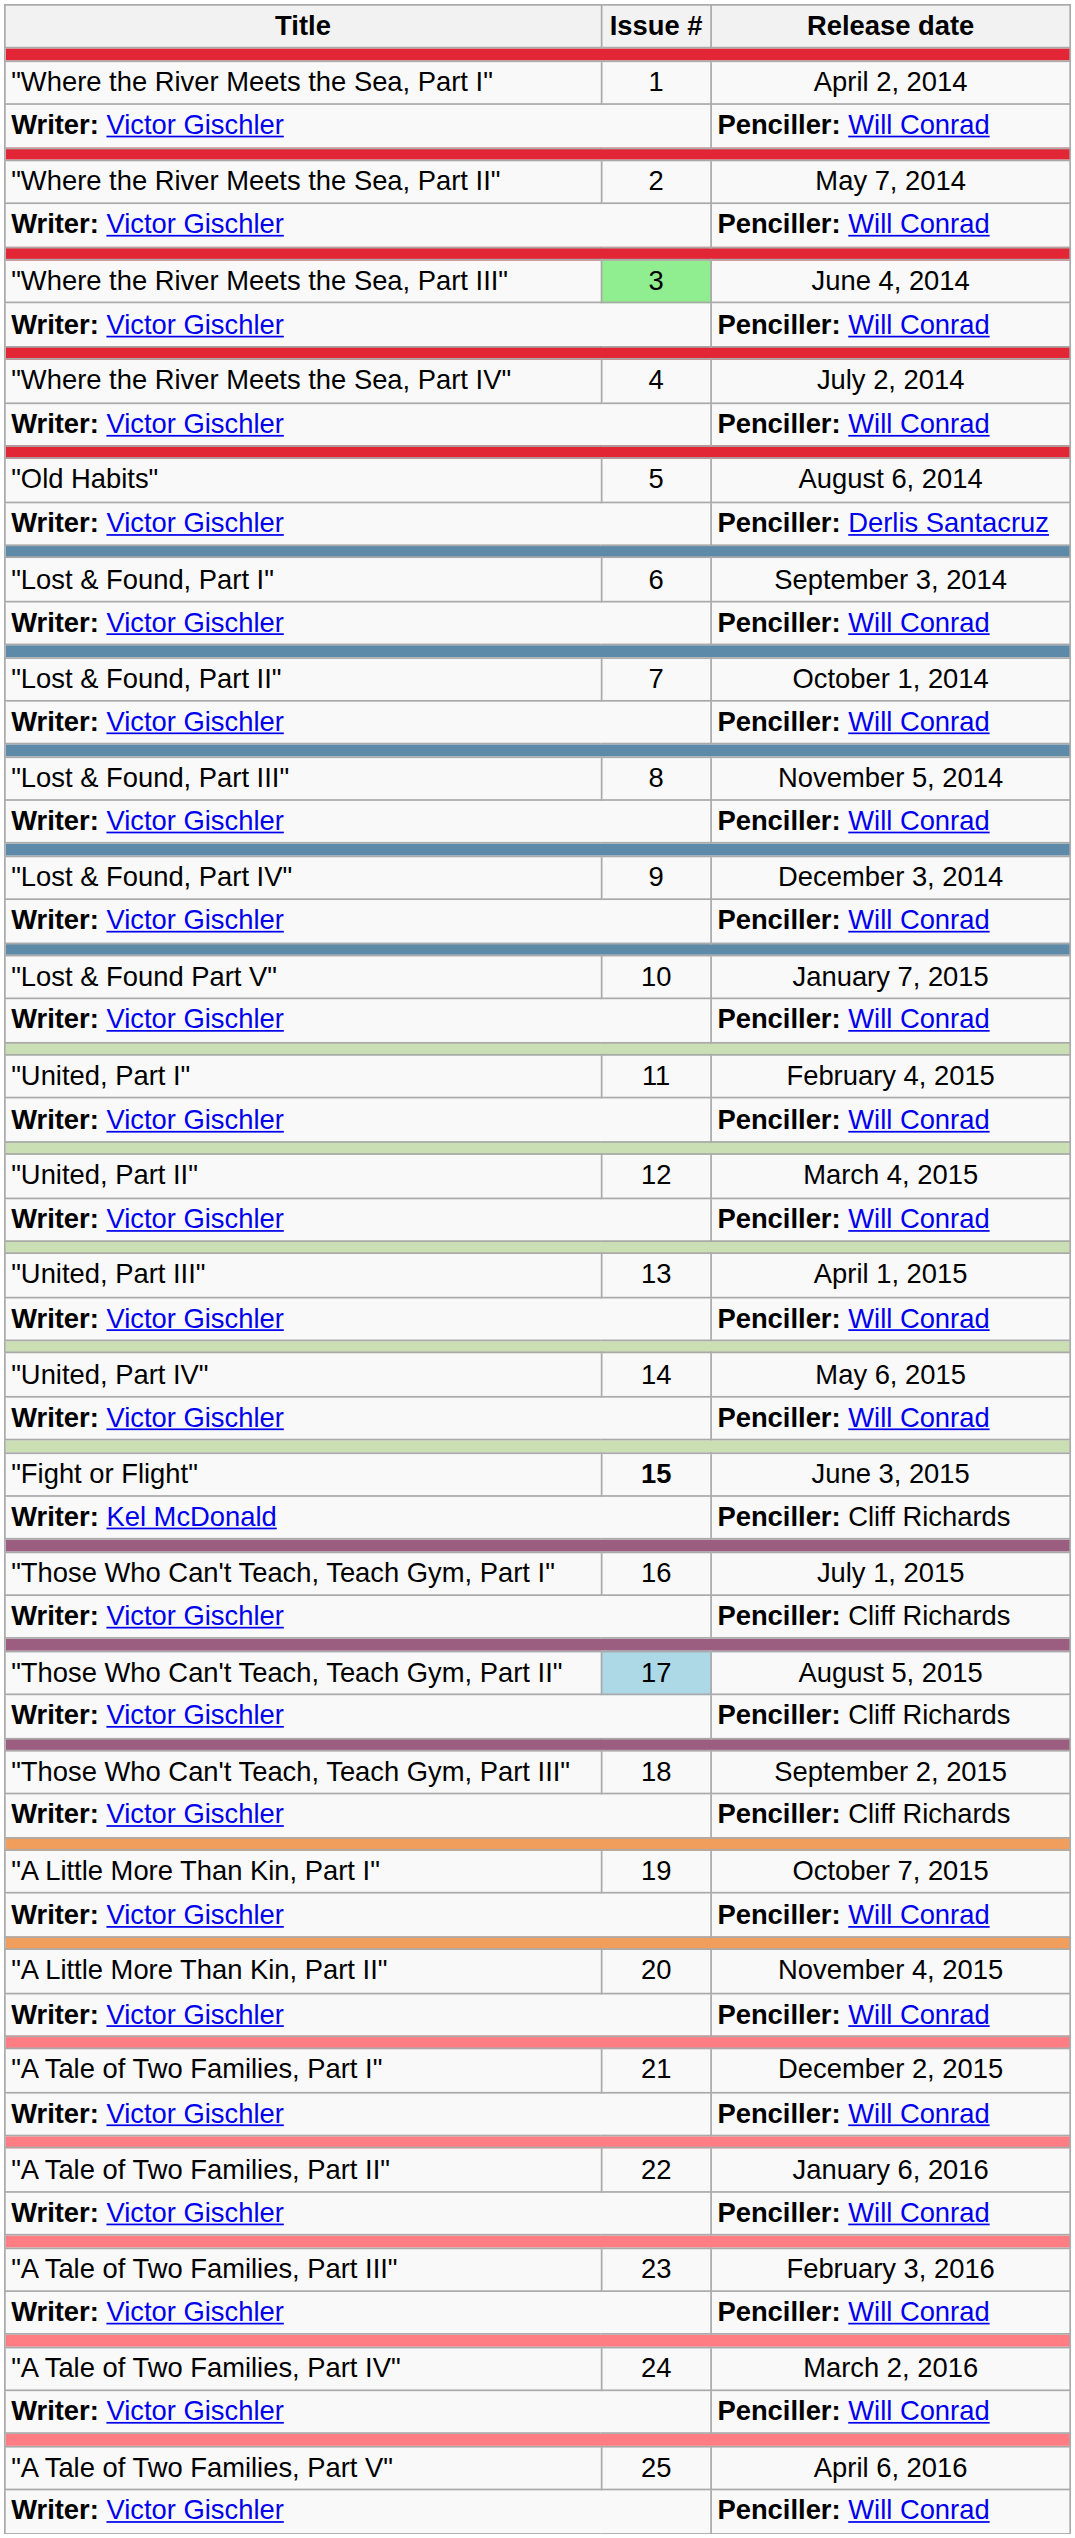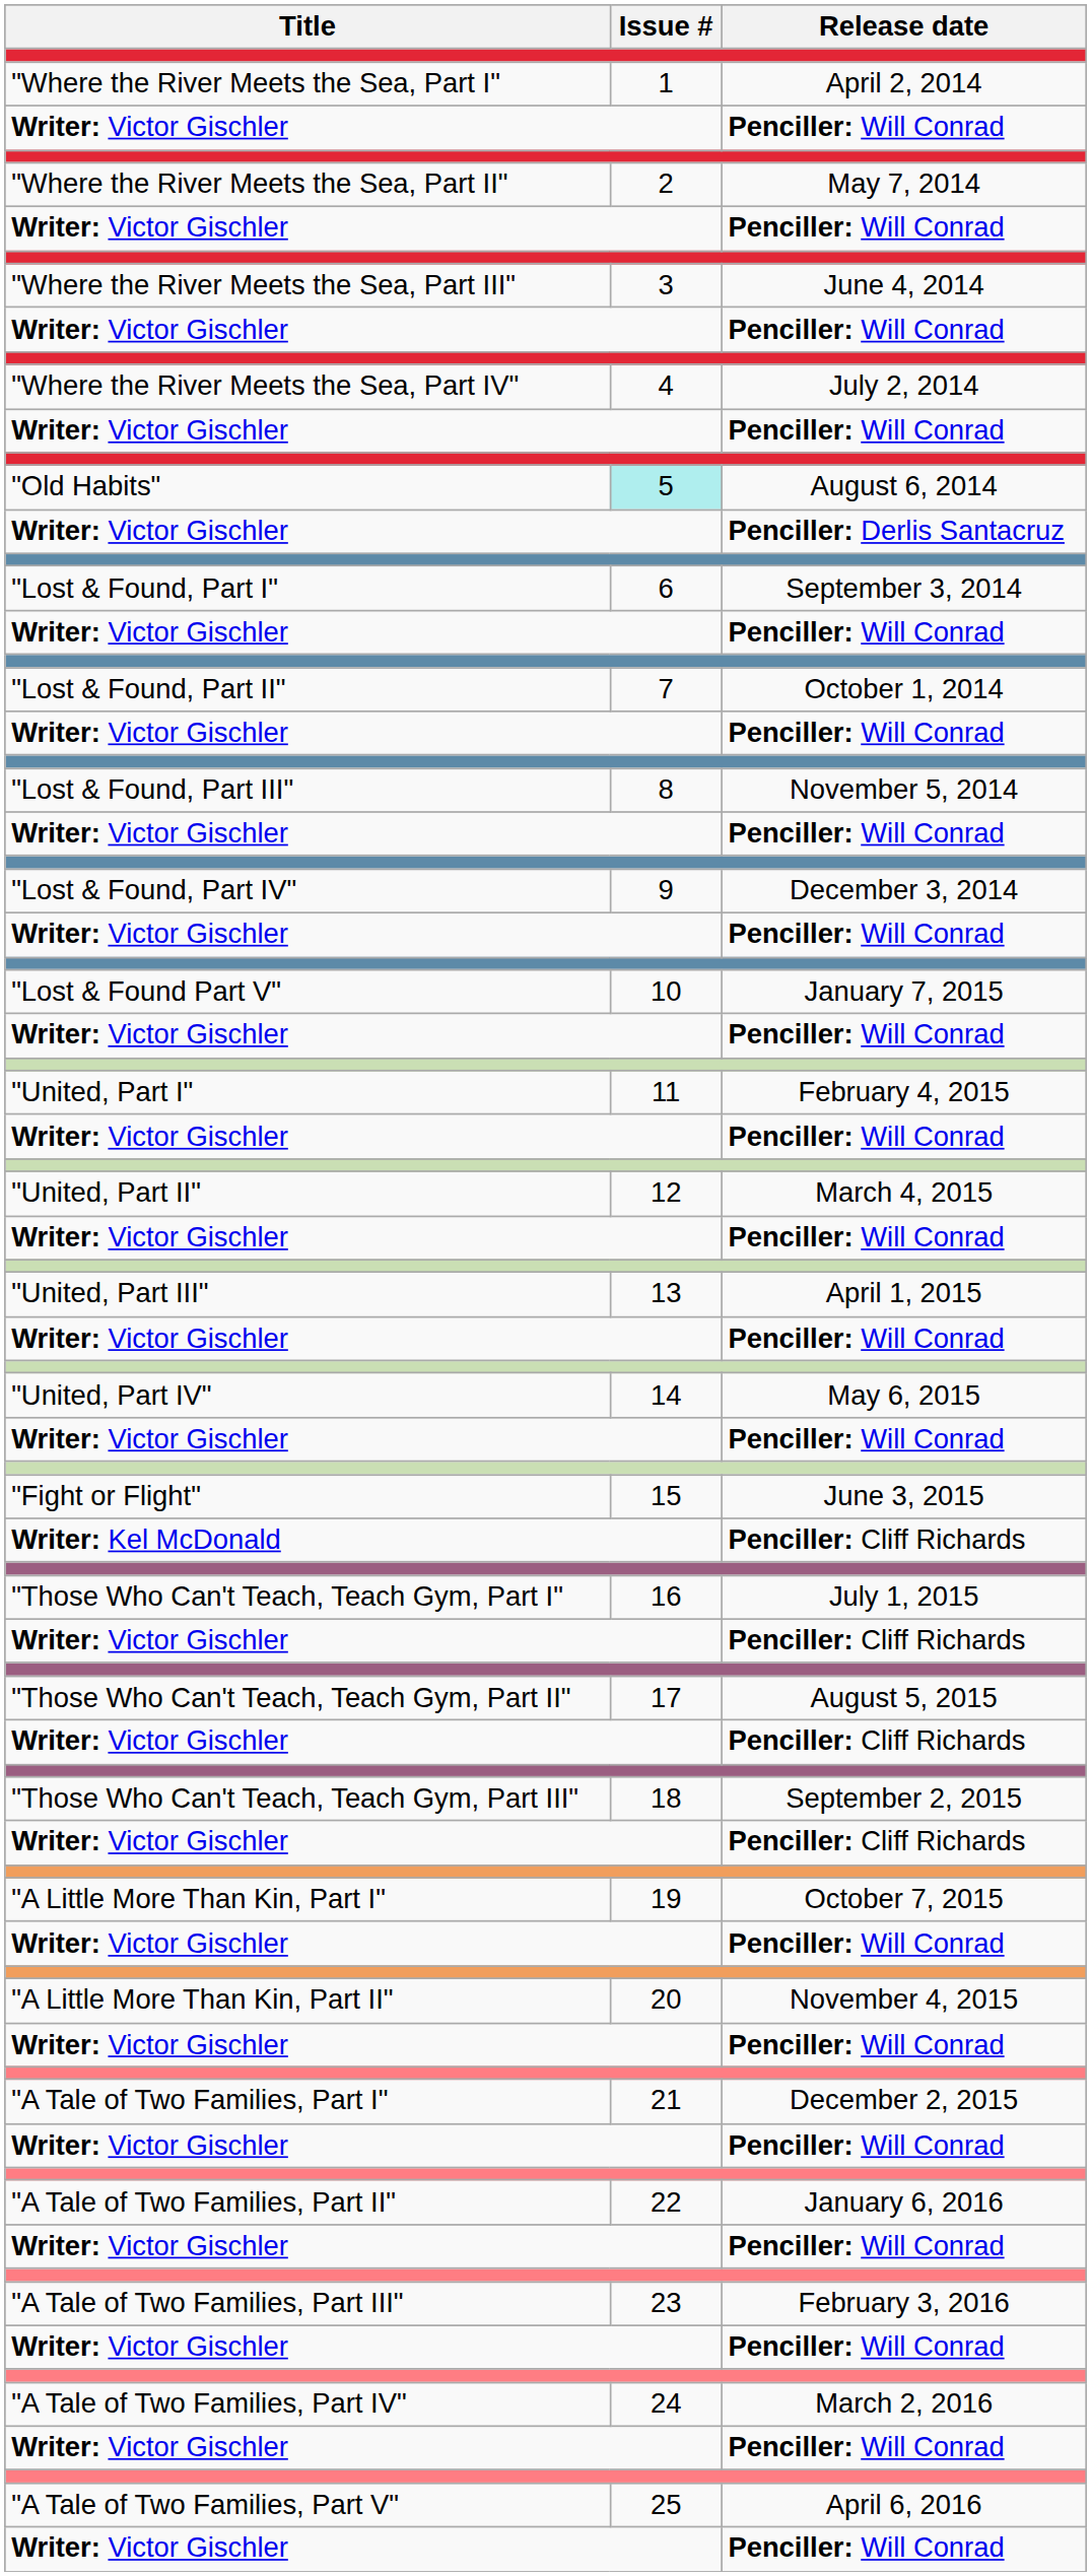 <table class="wikitable" style="width:100%;">
 <tr>
 <th>Title</th>
 <th>Issue #</th>
 <th>Release date</th>
 </tr>
 <tr>
 <td colspan="6" style="background:#e32636;"></td>
 </tr>
 <tr>
 <td>"Where the River Meets the Sea, Part I"</td>
 <td style="text-align:center;">1</td>
 <td style="text-align:center;">April 2, 2014</td>
 </tr>
 <tr>
 <td colspan="2"><strong>Writer:</strong> <a href='#'>Victor Gischler</a></td>
 <td><strong>Penciller:</strong> <a href='#'>Will Conrad</a></td>
 </tr>
 <tr>
 <td colspan="6" style="background:#e32636;"></td>
 </tr>
 <tr>
 <td>"Where the River Meets the Sea, Part II"</td>
 <td style="text-align:center;">2</td>
 <td style="text-align:center;">May 7, 2014</td>
 </tr>
 <tr>
 <td colspan="2"><strong>Writer:</strong> <a href='#'>Victor Gischler</a></td>
 <td><strong>Penciller:</strong> <a href='#'>Will Conrad</a></td>
 </tr>
 <tr>
 <td colspan="6" style="background:#e32636;"></td>
 </tr>
 <tr>
 <td>"Where the River Meets the Sea, Part III"</td>
-<td style="background: lightgreen; text-align:center;">3</td>
+<td style="text-align:center;">3</td>
 <td style="text-align:center;">June 4, 2014</td>
 </tr>
 <tr>
 <td colspan="2"><strong>Writer:</strong> <a href='#'>Victor Gischler</a></td>
 <td><strong>Penciller:</strong> <a href='#'>Will Conrad</a></td>
 </tr>
 <tr>
 <td colspan="6" style="background:#e32636;"></td>
 </tr>
 <tr>
 <td>"Where the River Meets the Sea, Part IV"</td>
 <td style="text-align:center;">4</td>
 <td style="text-align:center;">July 2, 2014</td>
 </tr>
 <tr>
 <td colspan="2"><strong>Writer:</strong> <a href='#'>Victor Gischler</a></td>
 <td><strong>Penciller:</strong> <a href='#'>Will Conrad</a></td>
 </tr>
 <tr>
 <td colspan="6" style="background:#e32636;"></td>
 </tr>
 <tr>
 <td>"Old Habits"</td>
-<td style="text-align:center;">5</td>
+<td style="background: paleturquoise; text-align:center;">5</td>
 <td style="text-align:center;">August 6, 2014</td>
 </tr>
 <tr>
 <td colspan="2"><strong>Writer:</strong> <a href='#'>Victor Gischler</a></td>
 <td><strong>Penciller:</strong> <a href='#'>Derlis Santacruz</a></td>
 </tr>
 <tr>
 <td colspan="6" style="background:#5d8aa8;"></td>
 </tr>
 <tr>
 <td>"Lost & Found, Part I"</td>
 <td style="text-align:center;">6</td>
 <td style="text-align:center;">September 3, 2014</td>
 </tr>
 <tr>
 <td colspan="2"><strong>Writer:</strong> <a href='#'>Victor Gischler</a></td>
 <td><strong>Penciller:</strong> <a href='#'>Will Conrad</a></td>
 </tr>
 <tr>
 <td colspan="6" style="background:#5d8aa8;"></td>
 </tr>
 <tr>
 <td>"Lost & Found, Part II"</td>
 <td style="text-align:center;">7</td>
 <td style="text-align:center;">October 1, 2014</td>
 </tr>
 <tr>
 <td colspan="2"><strong>Writer:</strong> <a href='#'>Victor Gischler</a></td>
 <td><strong>Penciller:</strong> <a href='#'>Will Conrad</a></td>
 </tr>
 <tr>
 <td colspan="6" style="background:#5d8aa8;"></td>
 </tr>
 <tr>
 <td>"Lost & Found, Part III"</td>
 <td style="text-align:center;">8</td>
 <td style="text-align:center;">November 5, 2014</td>
 </tr>
 <tr>
 <td colspan="2"><strong>Writer:</strong> <a href='#'>Victor Gischler</a></td>
 <td><strong>Penciller:</strong> <a href='#'>Will Conrad</a></td>
 </tr>
 <tr>
 <td colspan="6" style="background:#5d8aa8;"></td>
 </tr>
 <tr>
 <td>"Lost & Found, Part IV"</td>
 <td style="text-align:center;">9</td>
 <td style="text-align:center;">December 3, 2014</td>
 </tr>
 <tr>
 <td colspan="2"><strong>Writer:</strong> <a href='#'>Victor Gischler</a></td>
 <td><strong>Penciller:</strong> <a href='#'>Will Conrad</a></td>
 </tr>
 <tr>
 <td colspan="6" style="background:#5d8aa8;"></td>
 </tr>
 <tr>
 <td>"Lost & Found Part V"</td>
 <td style="text-align:center;">10</td>
 <td style="text-align:center;">January 7, 2015</td>
 </tr>
 <tr>
 <td colspan="2"><strong>Writer:</strong> <a href='#'>Victor Gischler</a></td>
 <td><strong>Penciller:</strong> <a href='#'>Will Conrad</a></td>
 </tr>
 <tr>
 <td colspan="6" style="background:#cadfb4;"></td>
 </tr>
 <tr>
 <td>"United, Part I"</td>
 <td style="text-align:center;">11</td>
 <td style="text-align:center;">February 4, 2015</td>
 </tr>
 <tr>
 <td colspan="2"><strong>Writer:</strong> <a href='#'>Victor Gischler</a></td>
 <td><strong>Penciller:</strong> <a href='#'>Will Conrad</a></td>
 </tr>
 <tr>
 <td colspan="6" style="background:#cadfb4;"></td>
 </tr>
 <tr>
 <td>"United, Part II"</td>
 <td style="text-align:center;">12</td>
 <td style="text-align:center;">March 4, 2015</td>
 </tr>
 <tr>
 <td colspan="2"><strong>Writer:</strong> <a href='#'>Victor Gischler</a></td>
 <td><strong>Penciller:</strong> <a href='#'>Will Conrad</a></td>
 </tr>
 <tr>
 <td colspan="6" style="background:#cadfb4;"></td>
 </tr>
 <tr>
 <td>"United, Part III"</td>
 <td style="text-align:center;">13</td>
 <td style="text-align:center;">April 1, 2015</td>
 </tr>
 <tr>
 <td colspan="2"><strong>Writer:</strong> <a href='#'>Victor Gischler</a></td>
 <td><strong>Penciller:</strong> <a href='#'>Will Conrad</a></td>
 </tr>
 <tr>
 <td colspan="6" style="background:#cadfb4;"></td>
 </tr>
 <tr>
 <td>"United, Part IV"</td>
 <td style="text-align:center;">14</td>
 <td style="text-align:center;">May 6, 2015</td>
 </tr>
 <tr>
 <td colspan="2"><strong>Writer:</strong> <a href='#'>Victor Gischler</a></td>
 <td><strong>Penciller:</strong> <a href='#'>Will Conrad</a></td>
 </tr>
 <tr>
 <td colspan="6" style="background:#cadfb4;"></td>
 </tr>
 <tr>
 <td>"Fight or Flight"</td>
-<td style="text-align:center;"><strong>15</strong></td>
+<td style="text-align:center;">15</td>
 <td style="text-align:center;">June 3, 2015</td>
 </tr>
 <tr>
 <td colspan="2"><strong>Writer:</strong> <a href='#'>Kel McDonald</a></td>
 <td><strong>Penciller:</strong> Cliff Richards</td>
 </tr>
 <tr>
 <td colspan="6" style="background:#9b5e81;"></td>
 </tr>
 <tr>
 <td>"Those Who Can't Teach, Teach Gym, Part I"</td>
 <td style="text-align:center;">16</td>
 <td style="text-align:center;">July 1, 2015</td>
 </tr>
 <tr>
 <td colspan="2"><strong>Writer:</strong> <a href='#'>Victor Gischler</a></td>
 <td><strong>Penciller:</strong> Cliff Richards</td>
 </tr>
 <tr>
 <td colspan="6" style="background:#9b5e81;"></td>
 </tr>
 <tr>
 <td>"Those Who Can't Teach, Teach Gym, Part II"</td>
-<td style="background: lightblue; text-align:center;">17</td>
+<td style="text-align:center;">17</td>
 <td style="text-align:center;">August 5, 2015</td>
 </tr>
 <tr>
 <td colspan="2"><strong>Writer:</strong> <a href='#'>Victor Gischler</a></td>
 <td><strong>Penciller:</strong> Cliff Richards</td>
 </tr>
 <tr>
 <td colspan="6" style="background:#9b5e81;"></td>
 </tr>
 <tr>
 <td>"Those Who Can't Teach, Teach Gym, Part III"</td>
 <td style="text-align:center;">18</td>
 <td style="text-align:center;">September 2, 2015</td>
 </tr>
 <tr>
 <td colspan="2"><strong>Writer:</strong> <a href='#'>Victor Gischler</a></td>
 <td><strong>Penciller:</strong> Cliff Richards</td>
 </tr>
 <tr>
 <td colspan="6" style="background:#f19e5c;"></td>
 </tr>
 <tr>
 <td>"A Little More Than Kin, Part I"</td>
 <td style="text-align:center;">19</td>
 <td style="text-align:center;">October 7, 2015</td>
 </tr>
 <tr>
 <td colspan="2"><strong>Writer:</strong> <a href='#'>Victor Gischler</a></td>
 <td><strong>Penciller:</strong> <a href='#'>Will Conrad</a></td>
 </tr>
 <tr>
 <td colspan="6" style="background:#f19e5c;"></td>
 </tr>
 <tr>
 <td>"A Little More Than Kin, Part II"</td>
 <td style="text-align:center;">20</td>
 <td style="text-align:center;">November 4, 2015</td>
 </tr>
 <tr>
 <td colspan="2"><strong>Writer:</strong> <a href='#'>Victor Gischler</a></td>
 <td><strong>Penciller:</strong>  <a href='#'>Will Conrad</a></td>
 </tr>
 <tr>
 <td colspan="6" style="background:#ff7d83;"></td>
 </tr>
 <tr>
 <td>"A Tale of Two Families, Part I"</td>
 <td style="text-align:center;">21</td>
 <td style="text-align:center;">December 2, 2015</td>
 </tr>
 <tr>
 <td colspan="2"><strong>Writer:</strong> <a href='#'>Victor Gischler</a></td>
 <td><strong>Penciller:</strong>  <a href='#'>Will Conrad</a></td>
 </tr>
 <tr>
 <td colspan="6" style="background:#ff7d83;"></td>
 </tr>
 <tr>
 <td>"A Tale of Two Families, Part II"</td>
 <td style="text-align:center;">22</td>
 <td style="text-align:center;">January 6, 2016</td>
 </tr>
 <tr>
 <td colspan="2"><strong>Writer:</strong> <a href='#'>Victor Gischler</a></td>
 <td><strong>Penciller:</strong> <a href='#'>Will Conrad</a></td>
 </tr>
 <tr>
 <td colspan="6" style="background:#ff7d83;"></td>
 </tr>
 <tr>
 <td>"A Tale of Two Families, Part III"</td>
 <td style="text-align:center;">23</td>
 <td style="text-align:center;">February 3, 2016</td>
 </tr>
 <tr>
 <td colspan="2"><strong>Writer:</strong> <a href='#'>Victor Gischler</a></td>
 <td><strong>Penciller:</strong> <a href='#'>Will Conrad</a></td>
 </tr>
 <tr>
 <td colspan="6" style="background:#ff7d83;"></td>
 </tr>
 <tr>
 <td>"A Tale of Two Families, Part IV"</td>
 <td style="text-align:center;">24</td>
 <td style="text-align:center;">March 2, 2016</td>
 </tr>
 <tr>
 <td colspan="2"><strong>Writer:</strong> <a href='#'>Victor Gischler</a></td>
 <td><strong>Penciller:</strong> <a href='#'>Will Conrad</a></td>
 </tr>
 <tr>
 <td colspan="6" style="background:#ff7d83;"></td>
 </tr>
 <tr>
 <td>"A Tale of Two Families, Part V"</td>
 <td style="text-align:center;">25</td>
 <td style="text-align:center;">April 6, 2016</td>
 </tr>
 <tr>
 <td colspan="2"><strong>Writer:</strong> <a href='#'>Victor Gischler</a></td>
 <td><strong>Penciller:</strong> <a href='#'>Will Conrad</a></td>
 </tr>
 </table>
